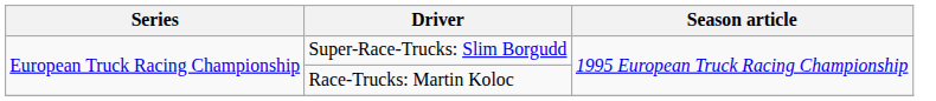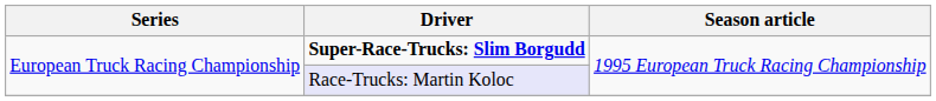 <table class="wikitable" style="font-size: 87%;">
 <tr>
 <th>Series</th>
 <th>Driver</th>
 <th>Season article</th>
 </tr>
 <tr>
 <td rowspan=2><a href='#'>European Truck Racing Championship</a></td>
-<td>Super-Race-Trucks:  <a href='#'>Slim Borgudd</a></td>
+<td><strong>Super-Race-Trucks:  <a href='#'>Slim Borgudd</a></strong></td>
 <td rowspan=2><em><a href='#'>1995 European Truck Racing Championship</a></em></td>
 </tr>
 <tr>
-<td>Race-Trucks:  Martin Koloc</td>
+<td style="background: lavender;">Race-Trucks:  Martin Koloc</td>
 </tr>
 <tr>
 </tr>
 </table>
